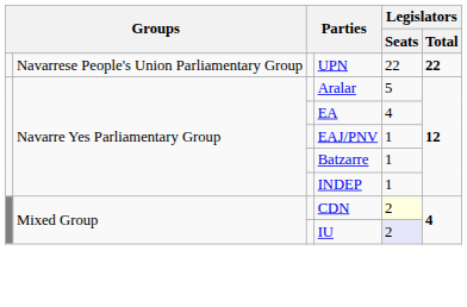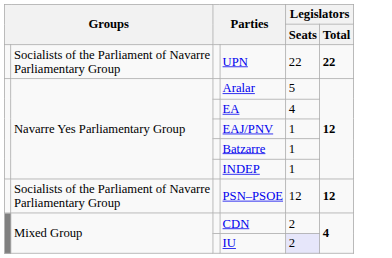 <table class="wikitable" style="text-align:left;">
 <tr>
 <th rowspan="2" colspan="2">Groups</th>
 <th rowspan="2" colspan="2">Parties</th>
 <th colspan="2">Legislators</th>
 </tr>
 <tr>
 <th>Seats</th>
 <th>Total</th>
 </tr>
 <tr>
 <td width="1" style="color:inherit;background:"></td>
-<td>Navarrese People's Union Parliamentary Group</td>
+<td>Socialists of the Parliament of Navarre<br>Parliamentary Group</td>
 <td width="1" style="color:inherit;background:"></td>
 <td><a href='#'>UPN</a></td>
 <td>22</td>
 <td><strong>22</strong></td>
 </tr>
 <tr>
 <td rowspan="5" style="color:inherit;background:"></td>
 <td rowspan="5">Navarre Yes Parliamentary Group</td>
 <td style="color:inherit;background:"></td>
 <td><a href='#'>Aralar</a></td>
 <td>5</td>
 <td rowspan="5"><strong>12</strong></td>
 </tr>
 <tr>
 <td style="color:inherit;background:"></td>
 <td><a href='#'>EA</a></td>
 <td>4</td>
 </tr>
 <tr>
 <td style="color:inherit;background:"></td>
 <td><a href='#'>EAJ/PNV</a></td>
 <td>1</td>
 </tr>
 <tr>
 <td style="color:inherit;background:"></td>
 <td><a href='#'>Batzarre</a></td>
 <td>1</td>
 </tr>
 <tr>
 <td style="color:inherit;background:"></td>
 <td><a href='#'>INDEP</a></td>
 <td>1</td>
 </tr>
 <tr>
+<td style="color:inherit;background:"></td>
+<td>Socialists of the Parliament of Navarre<br>Parliamentary Group</td>
+<td style="color:inherit;background:"></td>
+<td><a href='#'>PSN–PSOE</a></td>
+<td>12</td>
+<td><strong>12</strong></td>
+</tr>
+<tr>
 <td rowspan="2" bgcolor="gray"></td>
 <td rowspan="2">Mixed Group</td>
 <td style="color:inherit;background:"></td>
 <td><a href='#'>CDN</a></td>
-<td style="background: lightyellow;">2</td>
+<td>2</td>
 <td rowspan="2"><strong>4</strong></td>
 </tr>
 <tr>
 <td style="color:inherit;background:"></td>
 <td><a href='#'>IU</a></td>
 <td style="background: lavender;">2</td>
 </tr>
 </table>
